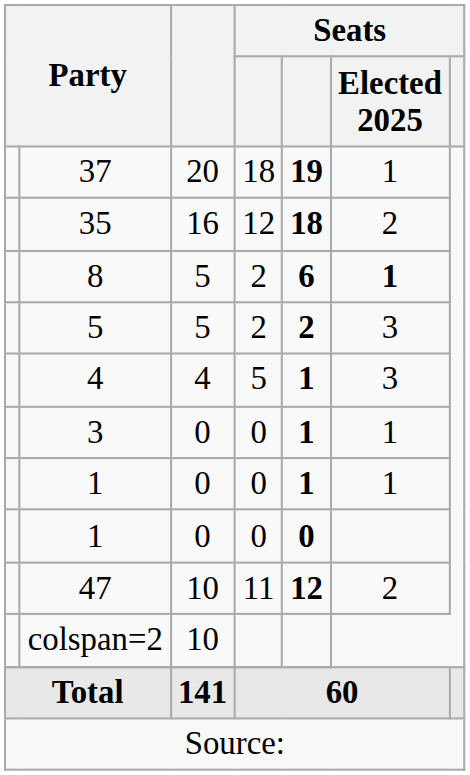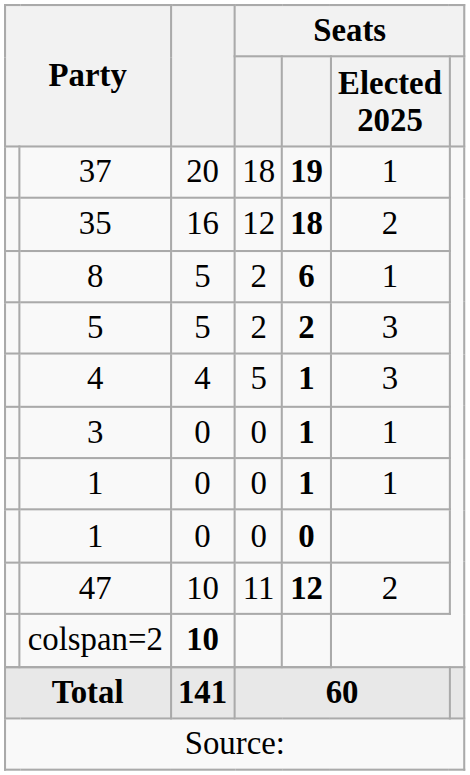 <table class="wikitable sortable" style="text-align:center;">
 <tr style="text-align:right; background-color:#E9E9E9; text-align:center">
 <th rowspan="2" colspan="2">Party</th>
 <th data-sort-type="number" rowspan="2"></th>
 <th colspan="4">Seats</th>
 </tr>
 <tr style="text-align:right; background-color:#E9E9E9; text-align:center">
 <th data-sort-type="number"><a href='#'></a></th>
 <th data-sort-type="number"></th>
 <th data-sort-type="number">Elected<br>2025</th>
 <th data-sort-type="number"></th>
 </tr>
 <tr>
 <td></td>
 <td>37</td>
 <td>20</td>
 <td>18</td>
 <td><strong>19</strong></td>
 <td> 1</td>
 </tr>
 <tr>
 <td></td>
 <td>35</td>
 <td>16</td>
 <td>12</td>
 <td><strong>18</strong></td>
 <td> 2</td>
 </tr>
 <tr>
 <td></td>
 <td>8</td>
 <td>5</td>
 <td>2</td>
 <td><strong>6</strong></td>
-<td><strong> 1</strong></td>
+<td> 1</td>
 </tr>
 <tr>
 <td></td>
 <td>5</td>
 <td>5</td>
 <td>2</td>
 <td><strong>2</strong></td>
 <td> 3</td>
 </tr>
 <tr>
 <td></td>
 <td>4</td>
 <td>4</td>
 <td>5</td>
 <td><strong>1</strong></td>
 <td> 3</td>
 </tr>
 <tr>
 <td></td>
 <td>3</td>
 <td>0</td>
 <td>0</td>
 <td><strong>1</strong></td>
 <td> 1</td>
 </tr>
 <tr>
 <td></td>
 <td>1</td>
 <td>0</td>
 <td>0</td>
 <td><strong>1</strong></td>
 <td> 1</td>
 </tr>
 <tr>
 <td></td>
 <td>1</td>
 <td>0</td>
 <td>0</td>
 <td><strong>0</strong></td>
 <td></td>
 </tr>
 <tr>
 <td></td>
 <td>47</td>
 <td>10</td>
 <td>11</td>
 <td><strong>12</strong></td>
 <td> 2</td>
 </tr>
 <tr>
 <td></td>
 <td>colspan=2 </td>
-<td>10</td>
+<td><strong>10</strong></td>
 <td></td>
 <td></td>
 </tr>
 <tr>
 </tr>
 <tr class="sortbottom" style="font-weight:bold; background:rgb(232,232,232);">
 <td colspan=2>Total</td>
 <td>141</td>
 <td colspan=3>60</td>
 <td></td>
 </tr>
 <tr>
 <td colspan=7>Source: </td>
 </tr>
 </table>
